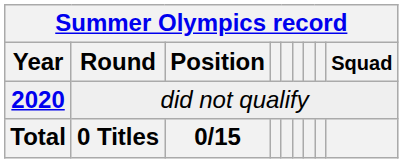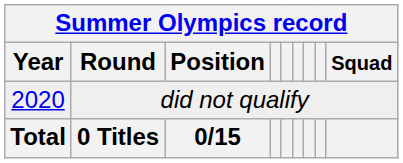 <table class="wikitable" style="text-align: center;">
 <tr>
 <th colspan=9><a href='#'>Summer Olympics record</a></th>
 </tr>
 <tr>
 <th>Year</th>
 <th>Round</th>
 <th>Position</th>
 <th></th>
 <th></th>
 <th></th>
 <th></th>
 <th></th>
 <th><small>Squad</small></th>
 </tr>
 <tr bgcolor="efefef">
-<td><strong> <a href='#'>2020</a></strong></td>
+<td> <a href='#'>2020</a></td>
 <td colspan=9 rowspan=1 align=center><em>did not qualify</em></td>
 </tr>
 <tr>
 <th>Total</th>
 <th>0 Titles</th>
 <th>0/15</th>
 <th></th>
 <th></th>
 <th></th>
 <th></th>
 <th></th>
 <th></th>
 </tr>
 </table>
